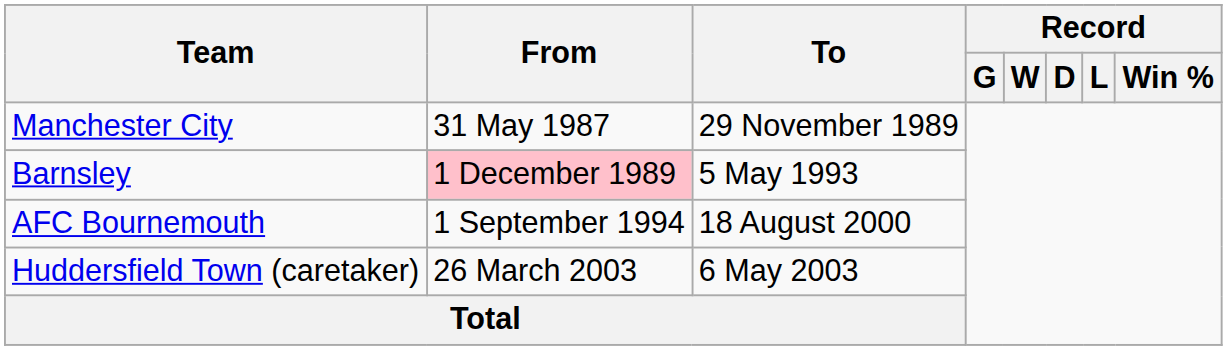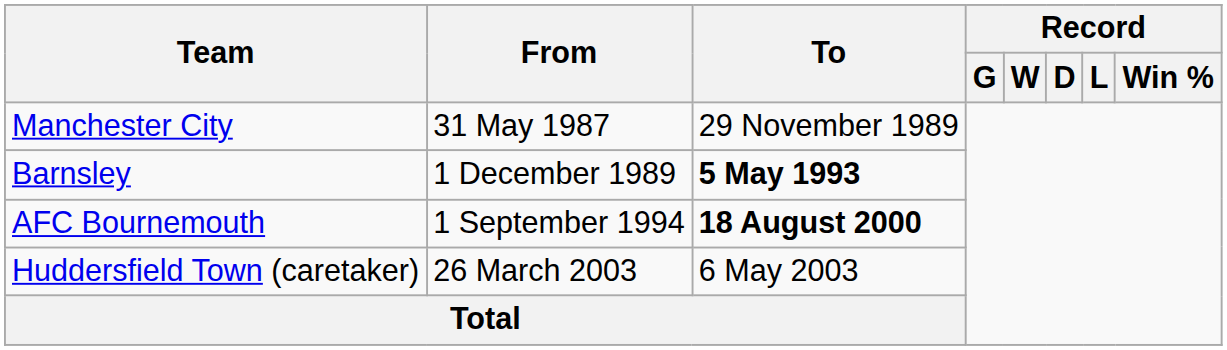 <table class="wikitable" style="text-align: center">
 <tr>
 <th rowspan="2">Team</th>
 <th rowspan="2">From</th>
 <th rowspan="2">To</th>
 <th colspan="5">Record</th>
 </tr>
 <tr>
 <th>G</th>
 <th>W</th>
 <th>D</th>
 <th>L</th>
 <th>Win %</th>
 </tr>
 <tr>
 <td align=left><a href='#'>Manchester City</a></td>
 <td align=left>31 May 1987</td>
 <td align=left>29 November 1989<br></td>
 </tr>
 <tr>
 <td align=left><a href='#'>Barnsley</a></td>
-<td align=left style="background: pink;">1 December 1989</td>
-<td align=left>5 May 1993<br></td>
+<td align=left>1 December 1989</td>
+<td align=left><strong>5 May 1993<br></strong></td>
 </tr>
 <tr>
 <td align=left><a href='#'>AFC Bournemouth</a></td>
 <td align=left>1 September 1994</td>
-<td align=left>18 August 2000<br></td>
+<td align=left><strong>18 August 2000<br></strong></td>
 </tr>
 <tr>
 <td align=left><a href='#'>Huddersfield Town</a> (caretaker)</td>
 <td align=left>26 March 2003</td>
 <td align=left>6 May 2003<br></td>
 </tr>
 <tr>
 <th colspan="3">Total<br></th>
 </tr>
 </table>
